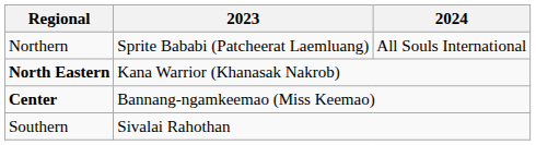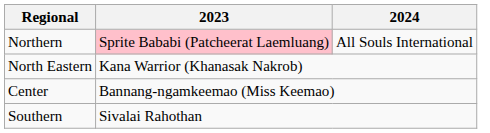 <table class="wikitable" style="font-size: 95%;">
 <tr>
 <th>Regional</th>
 <th>2023</th>
 <th>2024</th>
 </tr>
 <tr>
 <td>Northern</td>
-<td>Sprite Bababi (Patcheerat Laemluang)</td>
+<td style="background: pink;">Sprite Bababi (Patcheerat Laemluang)</td>
 <td>All Souls International</td>
 </tr>
 <tr>
-<td><strong>North Eastern</strong></td>
+<td>North Eastern</td>
 <td colspan="2">Kana Warrior (Khanasak Nakrob)</td>
 </tr>
 <tr>
-<td><strong>Center</strong></td>
+<td>Center</td>
 <td colspan="2">Bannang-ngamkeemao (Miss Keemao)</td>
 </tr>
 <tr>
 <td>Southern</td>
 <td colspan="2">Sivalai Rahothan</td>
 </tr>
 </table>
